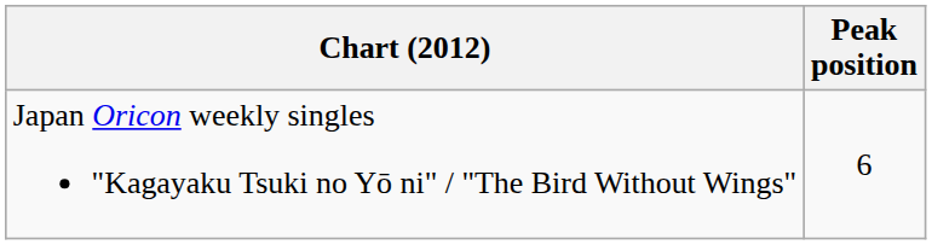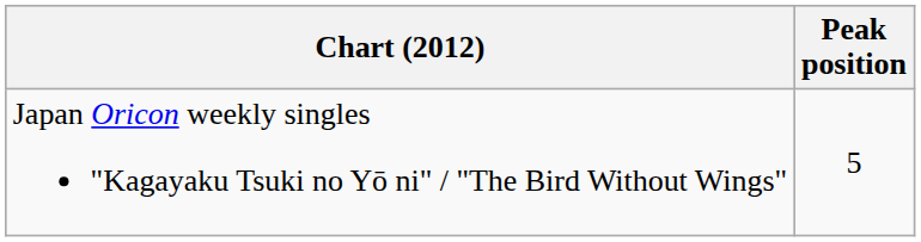 <table class="wikitable sortable">
 <tr>
 <th>Chart (2012)</th>
 <th>Peak<br>position</th>
 </tr>
 <tr>
 <td>Japan <em><a href='#'>Oricon</a></em> weekly singles<br><ul><li>"Kagayaku Tsuki no Yō ni" / "The Bird Without Wings"</li></ul></td>
-<td align="center">6</td>
+<td align="center">5</td>
 </tr>
 </table>
